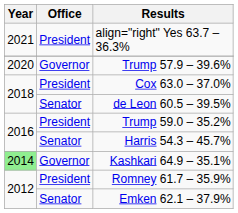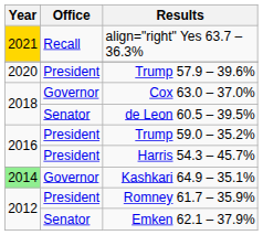 <table class=wikitable>
 <tr>
 <th width="30">Year</th>
 <th width="60">Office</th>
 <th width="180">Results</th>
 </tr>
 <tr>
-<td>2021</td>
-<td><a href='#'>President</a></td>
+<td style="background: gold;">2021</td>
+<td><a href='#'>Recall</a></td>
 <td>align="right"  Yes 63.7 – 36.3%</td>
 </tr>
 <tr>
 </tr>
 <tr>
 <td rowspan="1">2020</td>
-<td><a href='#'>Governor</a></td>
+<td><a href='#'>President</a></td>
 <td align="right" ><a href='#'>Trump</a> 57.9 – 39.6%</td>
 </tr>
 <tr>
 <td rowspan="2">2018</td>
-<td><a href='#'>President</a></td>
+<td><a href='#'>Governor</a></td>
 <td align="right" ><a href='#'>Cox</a> 63.0 – 37.0%</td>
 </tr>
 <tr>
 <td><a href='#'>Senator</a></td>
 <td align="right" ><a href='#'>de Leon</a> 60.5 – 39.5%</td>
 </tr>
 <tr>
 <td rowspan="2">2016</td>
 <td><a href='#'>President</a></td>
 <td align="right" ><a href='#'>Trump</a> 59.0 – 35.2%</td>
 </tr>
 <tr>
-<td><a href='#'>Senator</a></td>
+<td><a href='#'>President</a></td>
 <td align="right" ><a href='#'>Harris</a> 54.3 – 45.7%</td>
 </tr>
 <tr>
 <td style="background: lightgreen;">2014</td>
 <td><a href='#'>Governor</a></td>
 <td align="right" ><a href='#'>Kashkari</a> 64.9 – 35.1%</td>
 </tr>
 <tr>
 <td rowspan="2">2012</td>
 <td><a href='#'>President</a></td>
 <td align="right" ><a href='#'>Romney</a> 61.7 – 35.9%</td>
 </tr>
 <tr>
 <td><a href='#'>Senator</a></td>
 <td align="right" ><a href='#'>Emken</a> 62.1 – 37.9%</td>
 </tr>
 </table>
